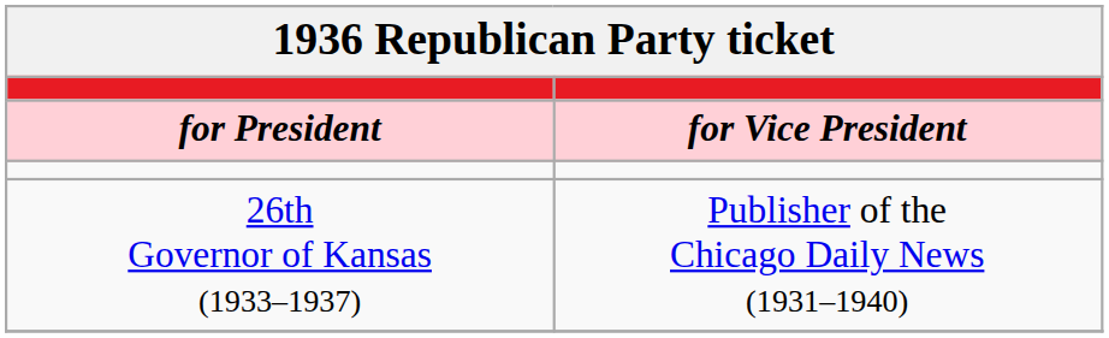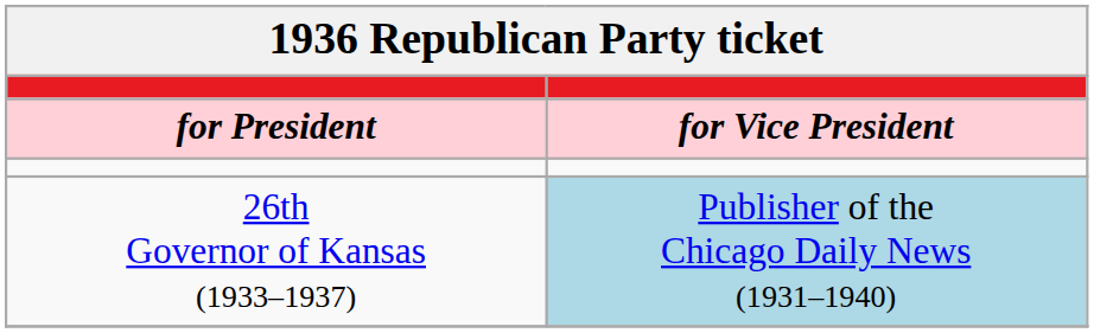 <table class="wikitable" style="font-size:90%; text-align:center;">
 <tr>
 <td style="background:#f1f1f1;" colspan="30"><big><strong>1936 Republican Party ticket</strong></big></td>
 </tr>
 <tr>
 <th style="width:3em; font-size:135%; background:#E81B23; width:200px;"><a href='#'></a></th>
 <th style="width:3em; font-size:135%; background:#E81B23; width:200px;"><a href='#'></a></th>
 </tr>
 <tr style="color:#000; font-size:100%; background:#FFD0D7;">
 <td style="width:3em; width:200px;"><strong><em>for President</em></strong></td>
 <td style="width:3em; width:200px;"><strong><em>for Vice President</em></strong></td>
 </tr>
 <tr>
 <td></td>
 <td></td>
 </tr>
 <tr>
 <td><a href='#'>26th</a><br><a href='#'>Governor of Kansas</a><br><small>(1933–1937)</small></td>
-<td><a href='#'>Publisher</a> of the<br><a href='#'>Chicago Daily News</a><br><small>(1931–1940)</small></td>
+<td style="background: lightblue;"><a href='#'>Publisher</a> of the<br><a href='#'>Chicago Daily News</a><br><small>(1931–1940)</small></td>
 </tr>
 <tr>
 </tr>
 </table>
